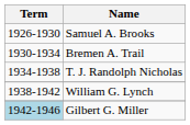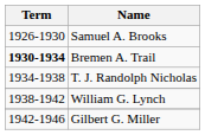 <table class="wikitable">
 <tr>
 <th>Term</th>
 <th>Name</th>
 </tr>
 <tr>
 <td>1926-1930</td>
 <td>Samuel A. Brooks</td>
 </tr>
 <tr>
-<td>1930-1934</td>
+<td><strong>1930-1934</strong></td>
 <td>Bremen A. Trail</td>
 </tr>
 <tr>
 <td>1934-1938</td>
 <td>T. J. Randolph Nicholas</td>
 </tr>
 <tr>
 </tr>
 <tr>
 <td>1938-1942</td>
 <td>William G. Lynch</td>
 </tr>
 <tr>
 </tr>
 <tr>
-<td style="background: lightblue;">1942-1946</td>
+<td>1942-1946</td>
 <td>Gilbert G. Miller</td>
 </tr>
 </table>
